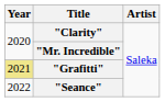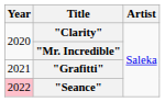 <table class="wikitable plainrowheaders" style="text-align:center;">
 <tr>
 <th>Year</th>
 <th>Title</th>
 <th>Artist</th>
 </tr>
 <tr>
 <td rowspan="2">2020</td>
 <th scope="row">"Clarity"</th>
 <td rowspan="4"><a href='#'>Saleka</a></td>
 </tr>
 <tr>
 <th scope="row">"Mr. Incredible"</th>
 </tr>
 <tr>
-<td style="background: khaki;">2021</td>
+<td>2021</td>
 <th scope="row">"Grafitti"</th>
 </tr>
 <tr>
-<td>2022</td>
+<td style="background: pink;">2022</td>
 <th scope="row">"Seance"</th>
 </tr>
 </table>
